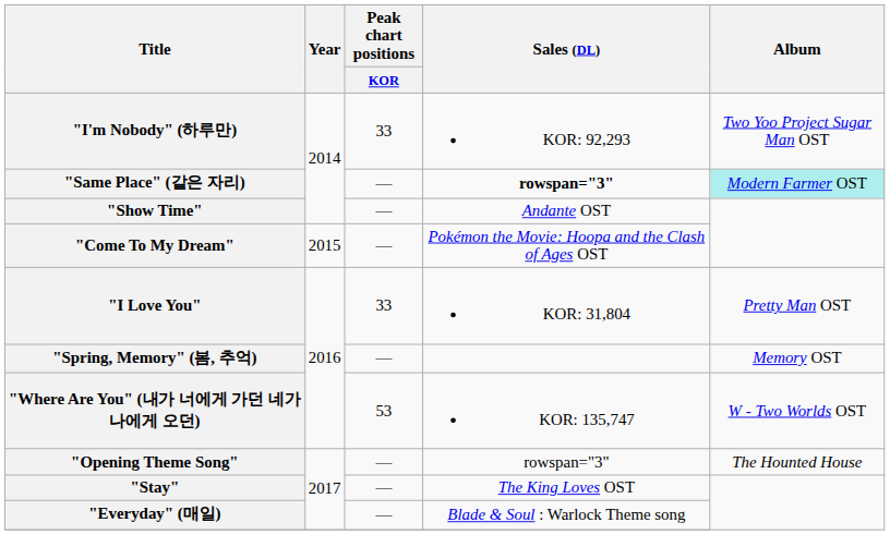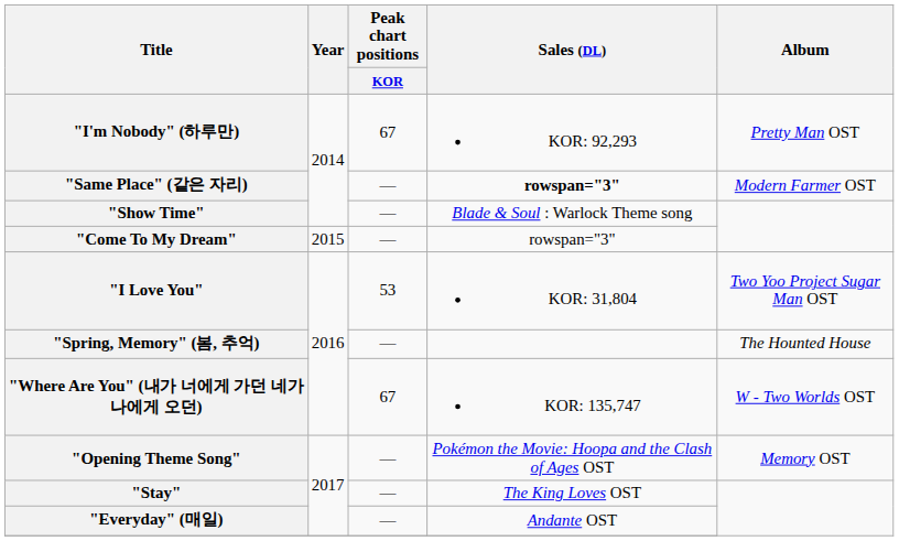 <table class="wikitable plainrowheaders" style="text-align:center;">
 <tr>
 <th scope="col" rowspan="2">Title</th>
 <th scope="col" rowspan="2">Year</th>
 <th scope="col" colspan="1">Peak chart <br> positions</th>
 <th scope="col" rowspan="2">Sales <small>(<a href='#'>DL</a>)</small></th>
 <th scope="col" rowspan="2">Album</th>
 </tr>
 <tr>
 <th><small><a href='#'>KOR</a></small><br></th>
 </tr>
 <tr>
 <th scope="row">"I'm Nobody" (하루만)</th>
 <td rowspan="3">2014</td>
-<td>33</td>
+<td>67</td>
 <td><br><ul><li>KOR: 92,293</li></ul></td>
-<td><em><a href='#'>Two Yoo Project Sugar Man</a></em> OST</td>
+<td><em><a href='#'>Pretty Man</a></em> OST</td>
 </tr>
 <tr>
 <th scope="row">"Same Place" (같은 자리)</th>
 <td>—</td>
 <td><strong>rowspan="3" </strong></td>
-<td style="background: paleturquoise;"><em><a href='#'>Modern Farmer</a></em> OST</td>
+<td><em><a href='#'>Modern Farmer</a></em> OST</td>
 </tr>
 <tr>
 <th scope="row">"Show Time"</th>
 <td>—</td>
-<td><em><a href='#'>Andante</a></em> OST</td>
+<td><em><a href='#'>Blade & Soul</a></em> : Warlock Theme song</td>
 </tr>
 <tr>
 <th scope="row">"Come To My Dream"</th>
 <td>2015</td>
 <td>—</td>
-<td><em><a href='#'>Pokémon the Movie: Hoopa and the Clash of Ages</a></em> OST</td>
+<td>rowspan="3" </td>
 </tr>
 <tr>
 <th scope="row">"I Love You"</th>
 <td rowspan="3">2016</td>
-<td>33</td>
+<td>53</td>
 <td><br><ul><li>KOR: 31,804</li></ul></td>
-<td><em><a href='#'>Pretty Man</a></em> OST</td>
+<td><em><a href='#'>Two Yoo Project Sugar Man</a></em> OST</td>
 </tr>
 <tr>
 <th scope="row">"Spring, Memory" (봄, 추억)</th>
 <td>—</td>
 <td></td>
-<td><em><a href='#'>Memory</a></em> OST</td>
+<td><em>The Hounted House</em></td>
 </tr>
 <tr>
 <th scope="row">"Where Are You" (내가 너에게 가던 네가 나에게 오던)</th>
-<td>53</td>
+<td>67</td>
 <td><br><ul><li>KOR: 135,747</li></ul></td>
 <td><em><a href='#'>W - Two Worlds</a></em> OST</td>
 </tr>
 <tr>
 <th scope="row">"Opening Theme Song"</th>
 <td rowspan="3">2017</td>
 <td>—</td>
-<td>rowspan="3" </td>
-<td><em>The Hounted House</em></td>
+<td><em><a href='#'>Pokémon the Movie: Hoopa and the Clash of Ages</a></em> OST</td>
+<td><em><a href='#'>Memory</a></em> OST</td>
 </tr>
 <tr>
 <th scope="row">"Stay"</th>
 <td>—</td>
 <td><em><a href='#'>The King Loves</a></em> OST</td>
 </tr>
 <tr>
 <th scope="row">"Everyday" (매일)</th>
 <td>—</td>
-<td><em><a href='#'>Blade & Soul</a></em> : Warlock Theme song</td>
+<td><em><a href='#'>Andante</a></em> OST</td>
 </tr>
 <tr>
 </tr>
 </table>
